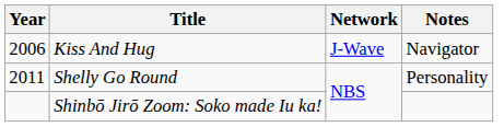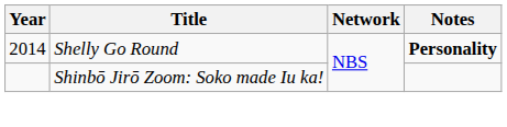 <table class="wikitable">
 <tr>
 <th>Year</th>
 <th>Title</th>
 <th>Network</th>
 <th>Notes</th>
 </tr>
 <tr>
-<td>2006</td>
-<td><em>Kiss And Hug</em></td>
-<td><a href='#'>J-Wave</a></td>
-<td>Navigator</td>
-</tr>
-<tr>
-<td>2011</td>
+<td>2014</td>
 <td><em>Shelly Go Round</em></td>
 <td rowspan="2"><a href='#'>NBS</a></td>
-<td>Personality</td>
+<td><strong>Personality</strong></td>
 </tr>
 <tr>
 <td></td>
 <td><em>Shinbō Jirō Zoom: Soko made Iu ka!</em></td>
 <td></td>
 </tr>
 </table>
